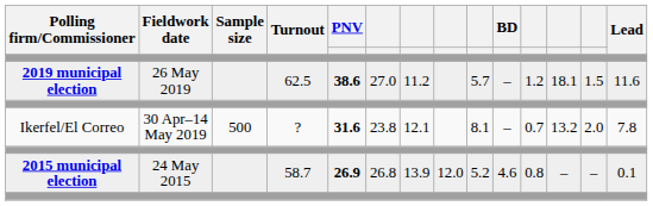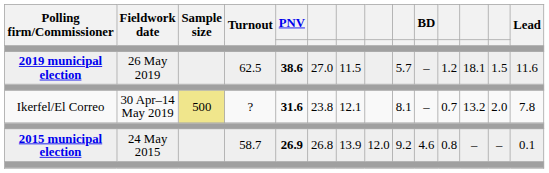 <table class="wikitable collapsible collapsed" style="text-align:center; font-size:95%; line-height:16px;">
 <tr style="height:42px;">
 <th style="width:250px;" rowspan="2">Polling firm/Commissioner</th>
 <th style="width:125px;" rowspan="2">Fieldwork date</th>
 <th style="width:50px;" rowspan="2">Sample size</th>
 <th style="width:45px;" rowspan="2">Turnout</th>
 <th style="width:35px;"><a href='#'>PNV</a></th>
 <th style="width:35px;"></th>
 <th style="width:35px;"></th>
 <th style="width:35px;"></th>
 <th style="width:35px;"></th>
 <th style="width:35px;">BD</th>
 <th style="width:35px;"></th>
 <th style="width:35px;"></th>
 <th style="width:35px;"></th>
 <th style="width:30px;" rowspan="2">Lead</th>
 </tr>
 <tr>
 <th style="color:inherit;background:"></th>
 <th style="color:inherit;background:"></th>
 <th style="color:inherit;background:"></th>
 <th style="color:inherit;background:"></th>
 <th style="color:inherit;background:"></th>
 <th style="color:inherit;background:"></th>
 <th style="color:inherit;background:"></th>
 <th style="color:inherit;background:"></th>
 <th style="color:inherit;background:"></th>
 </tr>
 <tr>
 <td colspan="14" style="background:#A0A0A0"></td>
 </tr>
 <tr style="background:#EFEFEF;">
 <td><strong><a href='#'>2019 municipal election</a></strong></td>
 <td>26 May 2019</td>
 <td></td>
 <td>62.5</td>
 <td><strong>38.6</strong><br></td>
 <td>27.0<br></td>
-<td>11.2<br></td>
+<td>11.5<br></td>
 <td></td>
 <td>5.7<br></td>
 <td>–</td>
 <td>1.2<br></td>
 <td>18.1<br></td>
 <td>1.5<br></td>
 <td style="background:">11.6</td>
 </tr>
 <tr>
 <td colspan="14" style="background:#A0A0A0"></td>
 </tr>
 <tr>
 <td>Ikerfel/El Correo</td>
 <td>30 Apr–14 May 2019</td>
-<td>500</td>
+<td style="background: khaki;">500</td>
 <td>?</td>
 <td><strong>31.6</strong><br></td>
 <td>23.8<br></td>
 <td>12.1<br></td>
 <td></td>
 <td>8.1<br></td>
 <td>–</td>
 <td>0.7<br></td>
 <td>13.2<br></td>
 <td>2.0<br></td>
 <td style="background:">7.8</td>
 </tr>
 <tr>
 <td colspan="14" style="background:#A0A0A0"></td>
 </tr>
 <tr style="background:#EFEFEF;">
 <td><strong><a href='#'>2015 municipal election</a></strong></td>
 <td>24 May 2015</td>
 <td></td>
 <td>58.7</td>
 <td><strong>26.9</strong><br></td>
 <td>26.8<br></td>
 <td>13.9<br></td>
 <td>12.0<br></td>
-<td>5.2<br></td>
+<td>9.2<br></td>
 <td>4.6<br></td>
 <td>0.8<br></td>
 <td>–</td>
 <td>–</td>
 <td style="background:">0.1</td>
 </tr>
 <tr>
 <td colspan="14" style="background:#A0A0A0"></td>
 </tr>
 </table>
